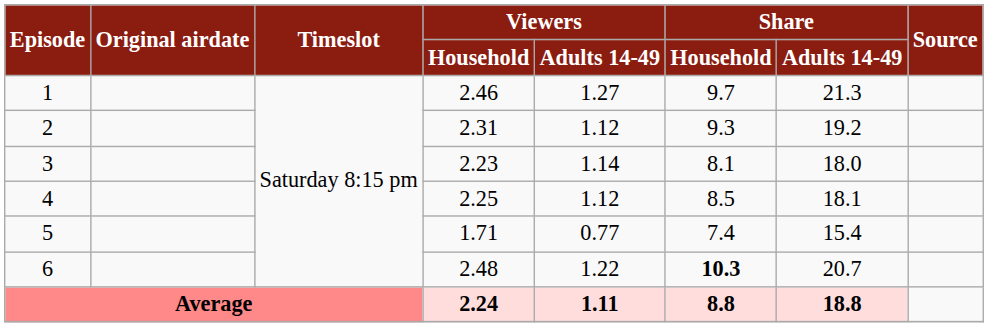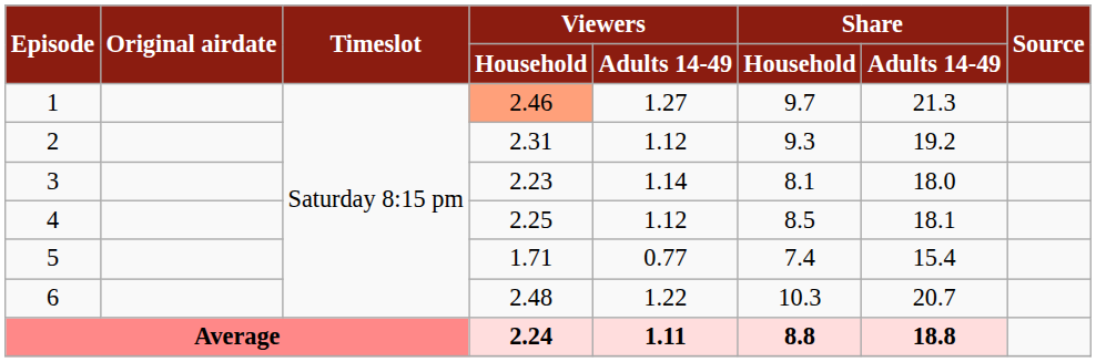 <table class="wikitable" style="text-align:center;">
 <tr>
 <th style="background:#8b1c10; color:#fff;" rowspan="2">Episode</th>
 <th style="background:#8b1c10; color:#fff;" rowspan="2">Original airdate</th>
 <th style="background:#8b1c10; color:#fff;" rowspan="2">Timeslot</th>
 <th style="background:#8b1c10; color:#fff;" colspan="2">Viewers<br><small></small></th>
 <th style="background:#8b1c10; color:#fff;" colspan="2">Share<br><small></small></th>
 <th style="background:#8b1c10; color:#fff;" rowspan="2">Source</th>
 </tr>
 <tr>
 <th style="background:#8b1c10; color:#fff;">Household</th>
 <th style="background:#8b1c10; color:#fff;">Adults 14-49</th>
 <th style="background:#8b1c10; color:#fff;">Household</th>
 <th style="background:#8b1c10; color:#fff;">Adults 14-49</th>
 </tr>
 <tr>
 <td>1</td>
 <td></td>
 <td rowspan="6">Saturday 8:15 pm</td>
-<td>2.46</td>
+<td style="background: lightsalmon;">2.46</td>
 <td>1.27</td>
 <td>9.7</td>
 <td>21.3</td>
 <td></td>
 </tr>
 <tr>
 <td>2</td>
 <td></td>
 <td>2.31</td>
 <td>1.12</td>
 <td>9.3</td>
 <td>19.2</td>
 <td></td>
 </tr>
 <tr>
 <td>3</td>
 <td></td>
 <td>2.23</td>
 <td>1.14</td>
 <td>8.1</td>
 <td>18.0</td>
 <td></td>
 </tr>
 <tr>
 <td>4</td>
 <td></td>
 <td>2.25</td>
 <td>1.12</td>
 <td>8.5</td>
 <td>18.1</td>
 <td></td>
 </tr>
 <tr>
 <td>5</td>
 <td></td>
 <td>1.71</td>
 <td>0.77</td>
 <td>7.4</td>
 <td>15.4</td>
 <td></td>
 </tr>
 <tr>
 <td>6</td>
 <td></td>
 <td>2.48</td>
 <td>1.22</td>
-<td><strong>10.3</strong></td>
+<td>10.3</td>
 <td>20.7</td>
 <td></td>
 </tr>
 <tr>
 <th style="background:#ff8888;" colspan="3">Average</th>
 <td style="background:#ffdddd;"><strong>2.24</strong></td>
 <td style="background:#ffdddd;"><strong>1.11</strong></td>
 <td style="background:#ffdddd;"><strong>8.8</strong></td>
 <td style="background:#ffdddd;"><strong>18.8</strong></td>
 <td></td>
 </tr>
 <tr>
 </tr>
 </table>
